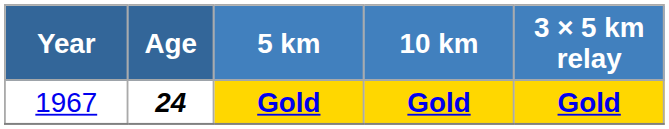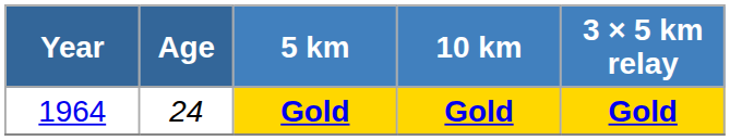 <table class="wikitable" style="font-size:95%; text-align:center; border:grey solid 1px; border-collapse:collapse; background:#ffffff;">
 <tr>
 <th style="background-color:#369; color:white; width:60px;"> Year </th>
 <th style="background-color:#369; color:white; width:40px;"> Age </th>
 <th style="background-color:#4180be; color:white; width:75px;"> 5 km </th>
 <th style="background-color:#4180be; color:white; width:75px;"> 10 km </th>
 <th style="background-color:#4180be; color:white; width:75px;"> 3 × 5 km <br> relay </th>
 </tr>
 <tr>
-<td><a href='#'>1967</a></td>
-<td><strong><em>24</em></strong></td>
+<td><a href='#'>1964</a></td>
+<td><em>24</em></td>
 <td style="background:gold;"><a href='#'><strong>Gold</strong></a></td>
 <td style="background:gold;"><a href='#'><strong>Gold</strong></a></td>
 <td style="background:gold;"><a href='#'><strong>Gold</strong></a></td>
 </tr>
 <tr>
 </tr>
 </table>
